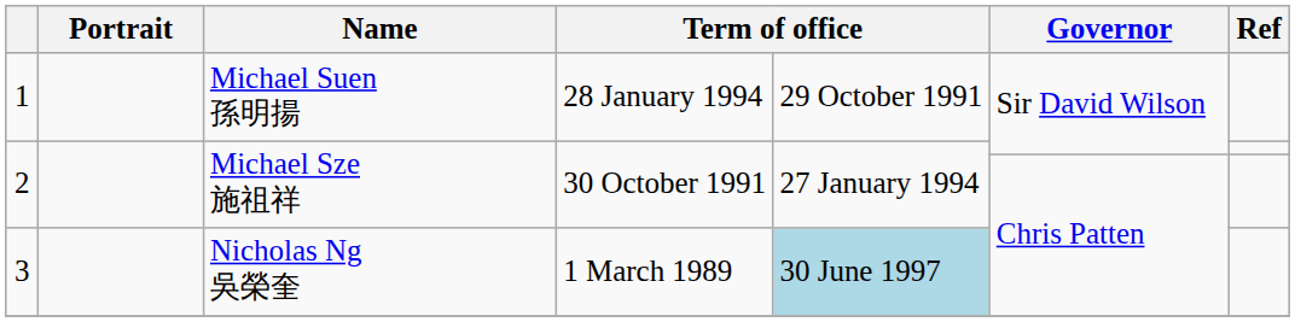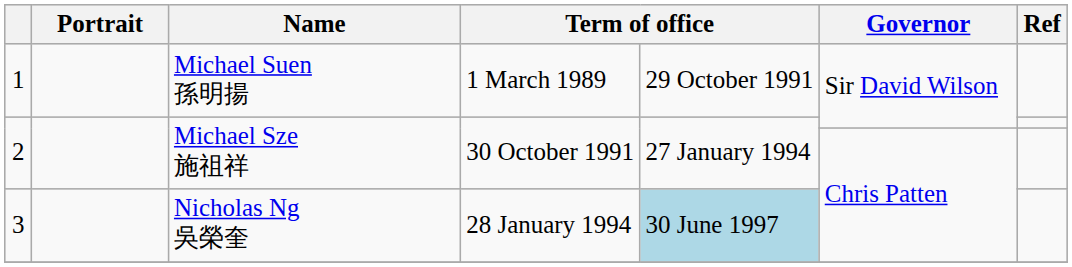 <table class="wikitable"  style="text-align:left">
 <tr>
 <th width=10px></th>
 <th width=80px>Portrait</th>
 <th width=180px>Name</th>
 <th width=180px colspan=2>Term of office</th>
 <th width=120px><a href='#'>Governor</a></th>
 <th>Ref</th>
 </tr>
 <tr>
 <td align=center>1</td>
 <td></td>
 <td><a href='#'>Michael Suen</a><br>孫明揚</td>
-<td>28 January 1994</td>
+<td>1 March 1989</td>
 <td>29 October 1991</td>
 <td rowspan=2>Sir <a href='#'>David Wilson</a></td>
 <td></td>
 </tr>
 <tr>
 <td align=center  rowspan=2>2</td>
 <td rowspan=2></td>
 <td rowspan=2><a href='#'>Michael Sze</a><br>施祖祥</td>
 <td rowspan=2>30 October 1991</td>
 <td rowspan=2>27 January 1994</td>
 <td></td>
 </tr>
 <tr>
 <td rowspan=2><a href='#'>Chris Patten</a></td>
 <td></td>
 </tr>
 <tr>
 <td align=center>3</td>
 <td></td>
 <td><a href='#'>Nicholas Ng</a><br>吳榮奎</td>
-<td>1 March 1989</td>
+<td>28 January 1994</td>
 <td style="background: lightblue;">30 June 1997</td>
 <td></td>
 </tr>
 <tr>
 </tr>
 </table>
